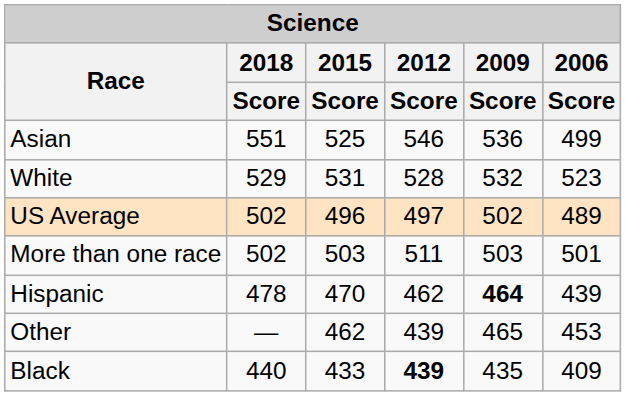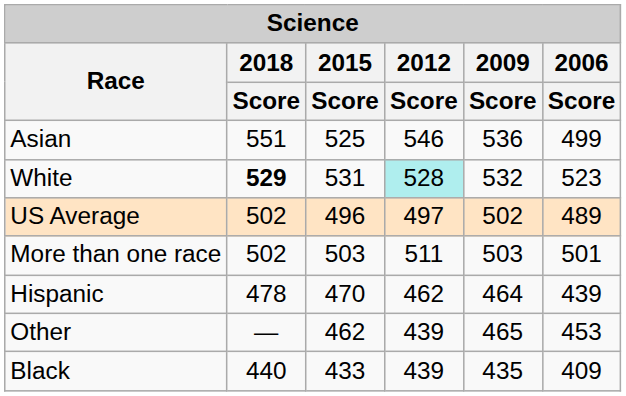 <table class="wikitable sortable" style="text-align:center;">
 <tr>
 <th colspan="6" style="background:#cecece;">Science</th>
 </tr>
 <tr>
 <th rowspan="2">Race</th>
 <th>2018</th>
 <th>2015</th>
 <th>2012</th>
 <th>2009</th>
 <th>2006</th>
 </tr>
 <tr>
 <th>Score</th>
 <th data-sort-type="number">Score</th>
 <th data-sort-type="number">Score</th>
 <th data-sort-type="number">Score</th>
 <th data-sort-type="number">Score</th>
 </tr>
 <tr>
 <td style="text-align:left;">Asian</td>
 <td>551</td>
 <td>525</td>
 <td>546</td>
 <td>536</td>
 <td>499</td>
 </tr>
 <tr>
 <td style="text-align:left;">White</td>
-<td>529</td>
+<td><strong>529</strong></td>
 <td>531</td>
-<td>528</td>
+<td style="background: paleturquoise;">528</td>
 <td>532</td>
 <td>523</td>
 </tr>
 <tr style="background-color: #FFE4C4;">
 <td style="text-align:left;">US Average</td>
 <td>502</td>
 <td>496</td>
 <td>497</td>
 <td>502</td>
 <td>489</td>
 </tr>
 <tr>
 <td style="text-align:left;">More than one race</td>
 <td>502</td>
 <td>503</td>
 <td>511</td>
 <td>503</td>
 <td>501</td>
 </tr>
 <tr>
 <td style="text-align:left;">Hispanic</td>
 <td>478</td>
 <td>470</td>
 <td>462</td>
-<td><strong>464</strong></td>
+<td>464</td>
 <td>439</td>
 </tr>
 <tr>
 <td style="text-align:left;">Other</td>
 <td>—</td>
 <td>462</td>
 <td>439</td>
 <td>465</td>
 <td>453</td>
 </tr>
 <tr>
 <td style="text-align:left;">Black</td>
 <td>440</td>
 <td>433</td>
-<td><strong>439</strong></td>
+<td>439</td>
 <td>435</td>
 <td>409</td>
 </tr>
 </table>
